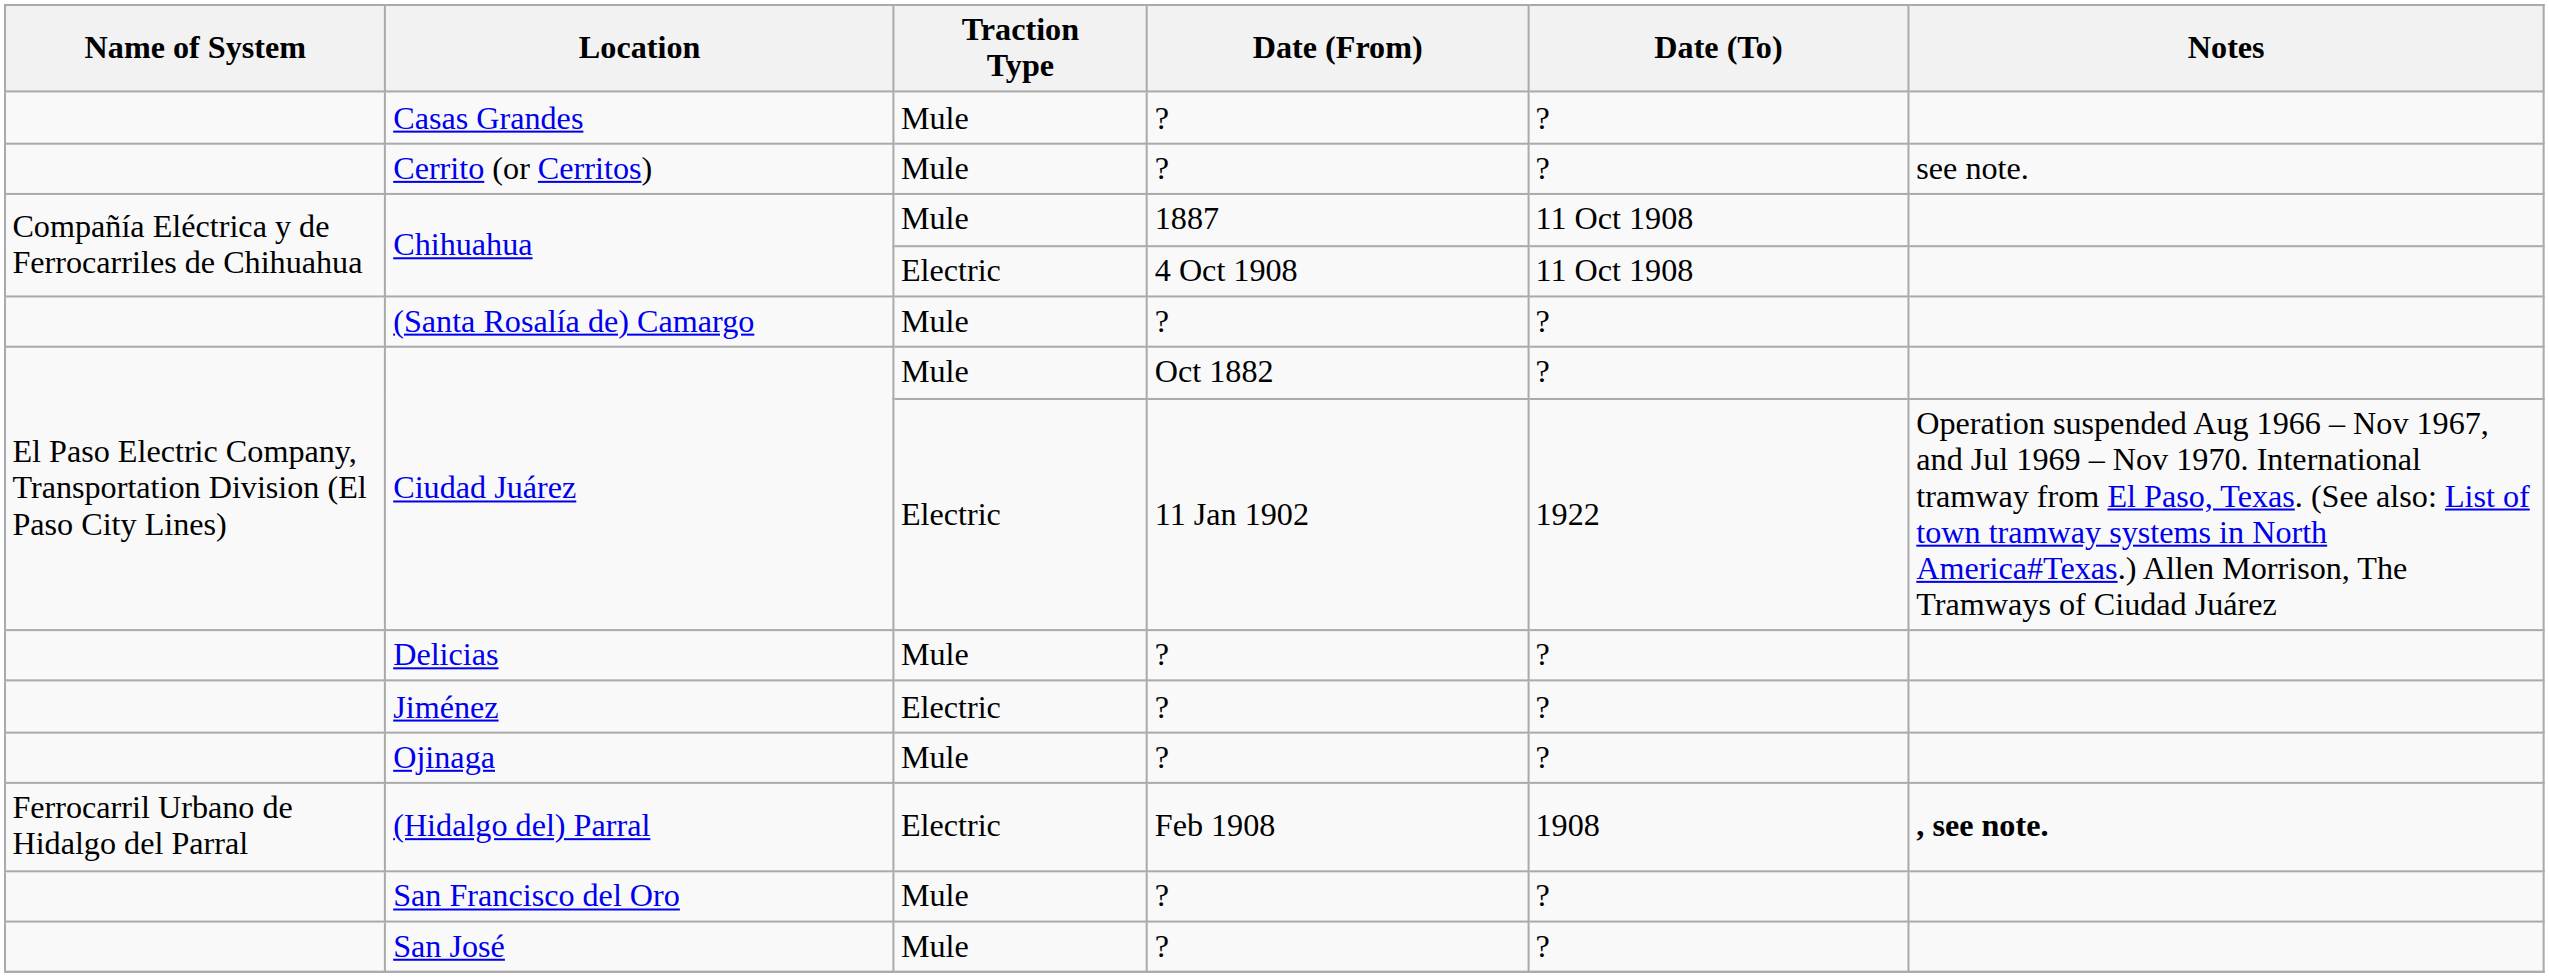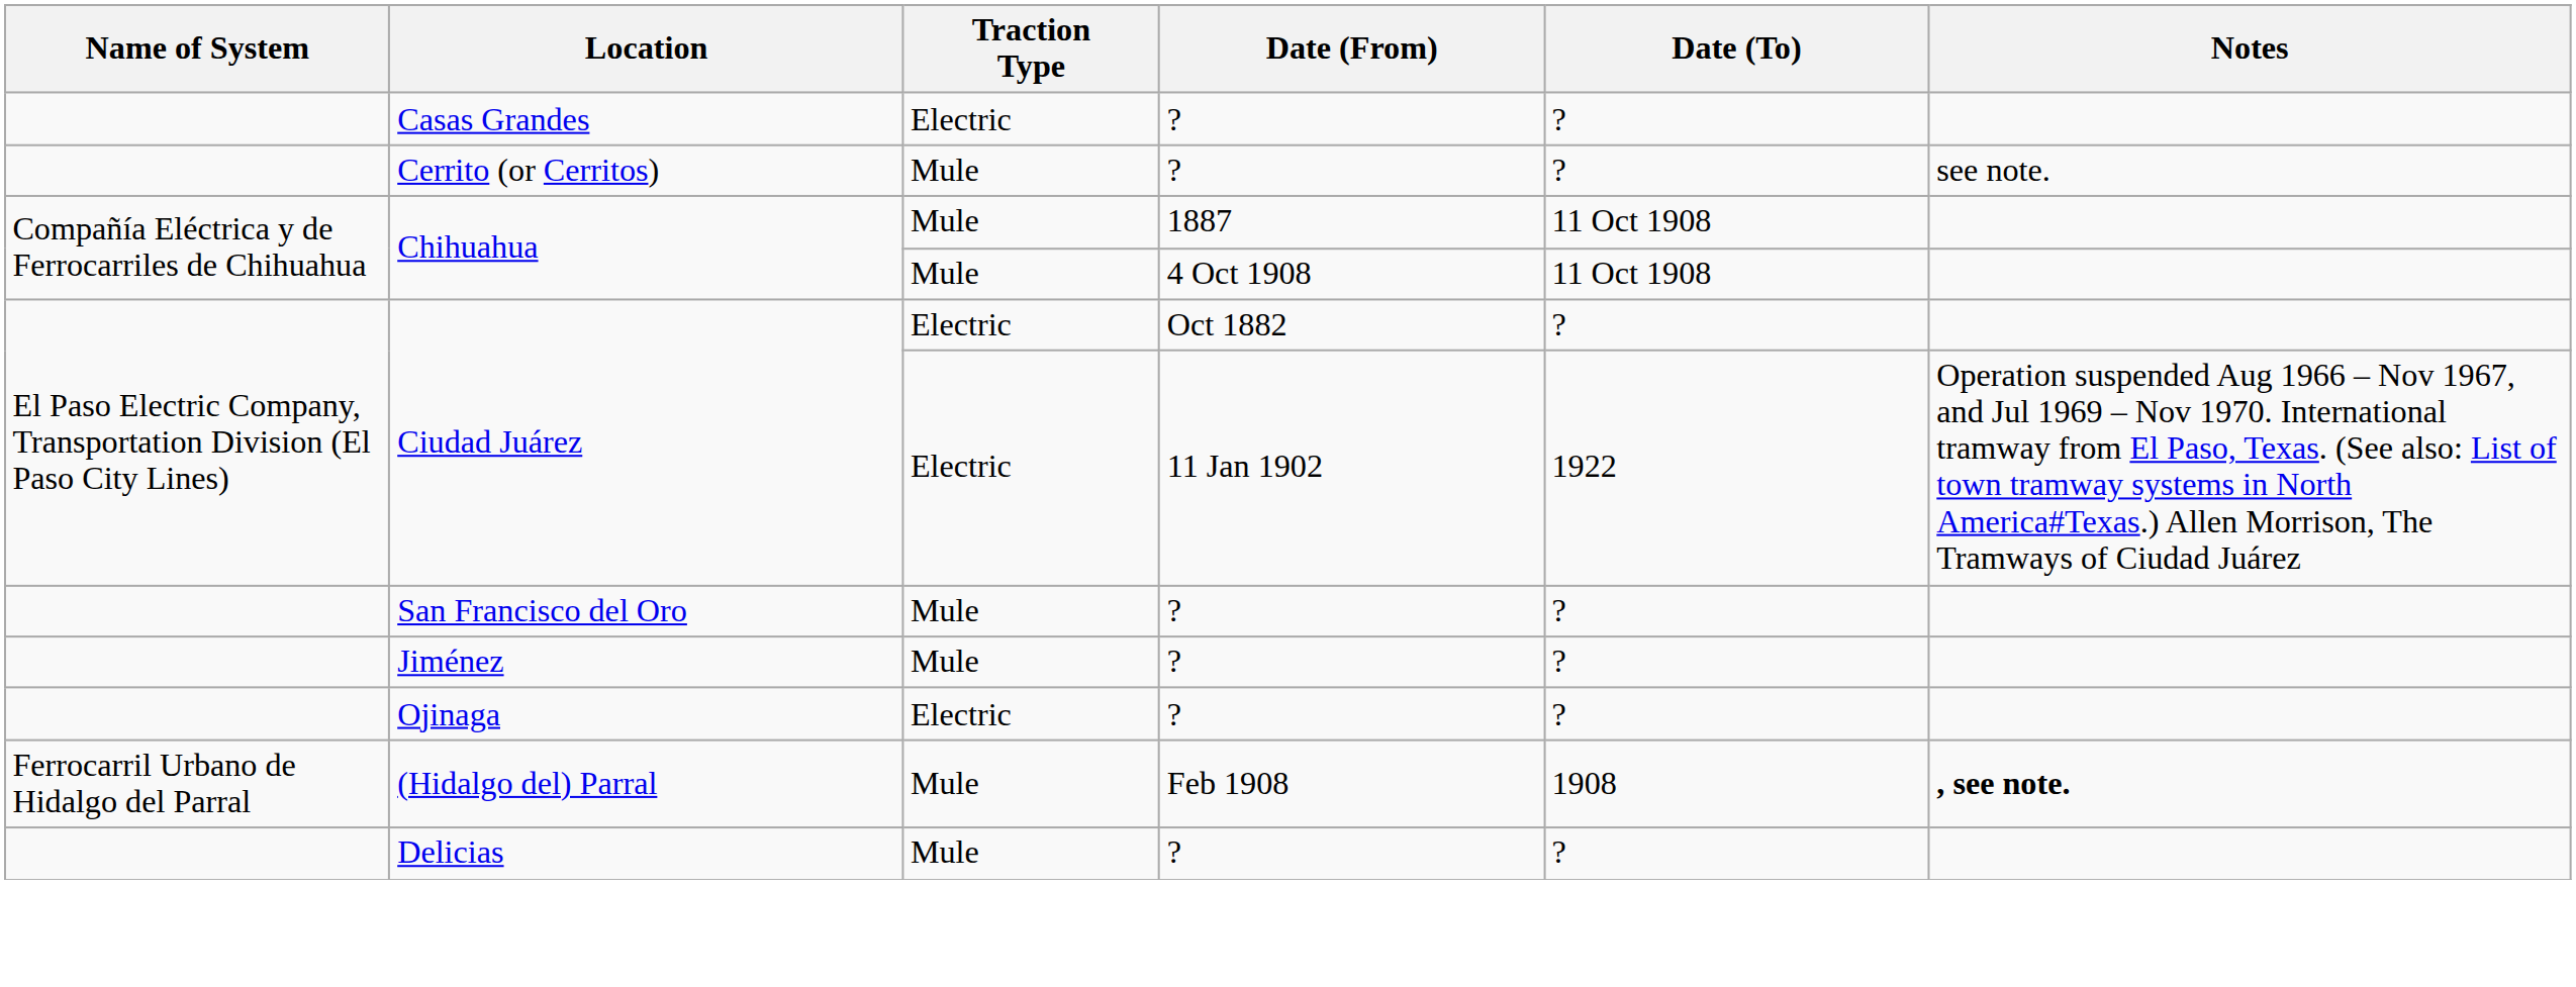 <table class="wikitable" width=100%>
 <tr>
 <th width=15%>Name of System</th>
 <th width=20%>Location</th>
 <th width=10%>Traction<br>Type</th>
 <th width=15%>Date (From)</th>
 <th width=15%>Date (To)</th>
 <th width=25%>Notes</th>
 </tr>
 <tr>
 <td> </td>
 <td><a href='#'>Casas Grandes</a></td>
-<td>Mule</td>
+<td>Electric</td>
 <td>?</td>
 <td>?</td>
 <td> </td>
 </tr>
 <tr>
 <td> </td>
 <td><a href='#'>Cerrito</a> (or <a href='#'>Cerritos</a>)</td>
 <td>Mule</td>
 <td>?</td>
 <td>?</td>
 <td>see note.</td>
 </tr>
 <tr>
 <td rowspan="2">Compañía Eléctrica y de Ferrocarriles de Chihuahua</td>
 <td rowspan="2"><a href='#'>Chihuahua</a></td>
 <td>Mule</td>
 <td>1887</td>
 <td>11 Oct 1908</td>
 <td></td>
 </tr>
 <tr>
-<td>Electric</td>
+<td>Mule</td>
 <td>4 Oct 1908</td>
 <td>11 Oct 1908</td>
 <td></td>
 </tr>
 <tr>
-<td> </td>
-<td><a href='#'>(Santa Rosalía de) Camargo</a></td>
-<td>Mule</td>
-<td>?</td>
-<td>?</td>
-<td> </td>
-</tr>
-<tr>
 <td rowspan="2">El Paso Electric Company, Transportation Division (El Paso City Lines)</td>
 <td rowspan="2"><a href='#'>Ciudad Juárez</a></td>
-<td>Mule</td>
+<td>Electric</td>
 <td>Oct 1882</td>
 <td>?</td>
 <td> </td>
 </tr>
 <tr>
 <td>Electric</td>
 <td>11 Jan 1902</td>
 <td>1922</td>
 <td>Operation suspended Aug 1966 – Nov 1967, and Jul 1969 – Nov 1970. International tramway from <a href='#'>El Paso, Texas</a>. (See also: <a href='#'>List of town tramway systems in North America#Texas</a>.) Allen Morrison, The Tramways of Ciudad Juárez</td>
 </tr>
 <tr>
 <td> </td>
-<td><a href='#'>Delicias</a></td>
+<td><a href='#'>San Francisco del Oro</a></td>
 <td>Mule</td>
 <td>?</td>
 <td>?</td>
 <td> </td>
 </tr>
 <tr>
 <td> </td>
 <td><a href='#'>Jiménez</a></td>
-<td>Electric</td>
+<td>Mule</td>
 <td>?</td>
 <td>?</td>
 <td> </td>
 </tr>
 <tr>
 <td> </td>
 <td><a href='#'>Ojinaga</a></td>
-<td>Mule</td>
+<td>Electric</td>
 <td>?</td>
 <td>?</td>
 <td> </td>
 </tr>
 <tr>
 <td>Ferrocarril Urbano de Hidalgo del Parral</td>
 <td><a href='#'>(Hidalgo del) Parral</a></td>
-<td>Electric</td>
+<td>Mule</td>
 <td>Feb 1908</td>
 <td>1908</td>
 <td><strong>, see note.</strong></td>
 </tr>
 <tr>
 <td> </td>
-<td><a href='#'>San Francisco del Oro</a></td>
-<td>Mule</td>
-<td>?</td>
-<td>?</td>
-<td> </td>
-</tr>
-<tr>
-<td> </td>
-<td><a href='#'>San José</a></td>
+<td><a href='#'>Delicias</a></td>
 <td>Mule</td>
 <td>?</td>
 <td>?</td>
 <td> </td>
 </tr>
 <tr>
 </tr>
 </table>
